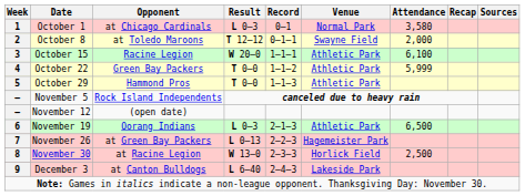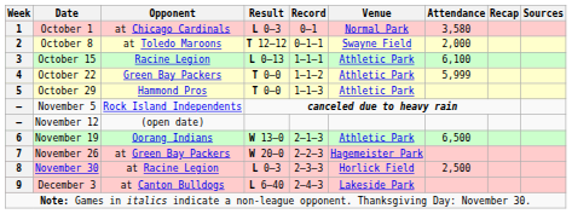 <table class="wikitable" style="text-align:center">
 <tr>
 <th>Week</th>
 <th>Date</th>
 <th>Opponent</th>
 <th>Result</th>
 <th>Record</th>
 <th>Venue</th>
 <th>Attendance</th>
 <th>Recap</th>
 <th>Sources</th>
 </tr>
 <tr style="background:#fcc">
 <th>1</th>
 <td>October 1</td>
 <td>at <a href='#'>Chicago Cardinals</a></td>
 <td><strong>L</strong> 0–3</td>
 <td>0–1</td>
 <td><a href='#'>Normal Park</a></td>
 <td>3,580</td>
 <td></td>
 <td></td>
 </tr>
 <tr style="background:#ffc">
 <th>2</th>
 <td>October 8</td>
 <td>at <a href='#'>Toledo Maroons</a></td>
 <td><strong>T</strong> 12–12</td>
 <td>0–1–1</td>
 <td><a href='#'>Swayne Field</a></td>
 <td>2,000</td>
 <td></td>
 <td></td>
 </tr>
 <tr style="background:#cfc">
 <th>3</th>
 <td>October 15</td>
 <td><a href='#'>Racine Legion</a></td>
-<td><strong>W</strong> 20–0</td>
+<td><strong>L</strong> 0–13</td>
 <td>1–1–1</td>
 <td><a href='#'>Athletic Park</a></td>
 <td>6,100</td>
 <td></td>
 <td></td>
 </tr>
 <tr style="background:#ffc">
 <th>4</th>
 <td>October 22</td>
 <td><a href='#'>Green Bay Packers</a></td>
 <td><strong>T</strong> 0–0</td>
 <td>1–1–2</td>
 <td><a href='#'>Athletic Park</a></td>
 <td>5,999</td>
 <td></td>
 <td></td>
 </tr>
 <tr style="background:#ffc">
 <th>5</th>
 <td>October 29</td>
 <td><a href='#'>Hammond Pros</a></td>
 <td><strong>T</strong> 0–0</td>
 <td>1–1–3</td>
 <td><a href='#'>Athletic Park</a></td>
 <td></td>
 <td></td>
 <td></td>
 </tr>
 <tr>
 <th>—</th>
 <td>November 5</td>
 <td><a href='#'>Rock Island Independents</a></td>
 <td colspan="5"><strong><em>canceled due to heavy rain</em></strong></td>
 <td></td>
 </tr>
 <tr>
 <th>—</th>
 <td>November 12</td>
 <td>(open date)</td>
 <td></td>
 <td></td>
 <td></td>
 <td></td>
 <td></td>
 <td></td>
 </tr>
 <tr style="background:#cfc">
 <th>6</th>
 <td>November 19</td>
 <td><a href='#'>Oorang Indians</a></td>
-<td><strong>L</strong> 0–3</td>
+<td><strong>W</strong> 13–0</td>
 <td>2–1–3</td>
 <td><a href='#'>Athletic Park</a></td>
 <td>6,500</td>
 <td></td>
 <td></td>
 </tr>
 <tr style="background:#fcc">
 <th>7</th>
 <td>November 26</td>
 <td>at <a href='#'>Green Bay Packers</a></td>
-<td><strong>L</strong> 0–13</td>
+<td><strong>W</strong> 20–0</td>
 <td>2–2–3</td>
 <td><a href='#'>Hagemeister Park</a></td>
 <td></td>
 <td></td>
 <td></td>
 </tr>
 <tr style="background:#fcc">
 <th>8</th>
 <td><a href='#'>November 30</a></td>
 <td>at <a href='#'>Racine Legion</a></td>
-<td><strong>W</strong> 13–0</td>
+<td><strong>L</strong> 0–3</td>
 <td>2–3–3</td>
 <td><a href='#'>Horlick Field</a></td>
 <td>2,500</td>
 <td></td>
 <td></td>
 </tr>
 <tr style="background:#fcc">
 <th>9</th>
 <td>December 3</td>
 <td>at <a href='#'>Canton Bulldogs</a></td>
 <td><strong>L</strong> 6–40</td>
 <td>2–4–3</td>
 <td><a href='#'>Lakeside Park</a></td>
 <td></td>
 <td></td>
 <td></td>
 </tr>
 <tr>
 <td colspan="10"><strong>Note:</strong> Games in <em>italics</em> indicate a non-league opponent. Thanksgiving Day: November 30.</td>
 </tr>
 </table>
